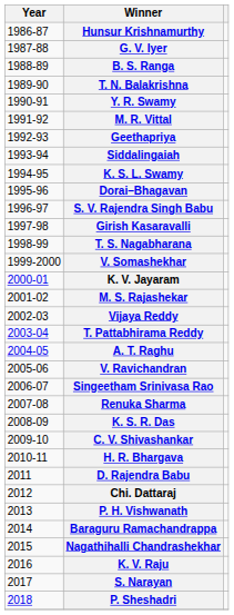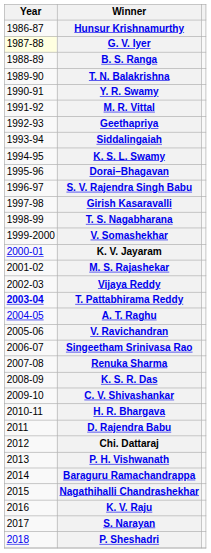 <table class="wikitable sortable">
 <tr>
 <th>Year</th>
 <th>Winner</th>
 <th></th>
 </tr>
 <tr>
 <td>1986-87</td>
 <th scope="row"><a href='#'>Hunsur Krishnamurthy</a></th>
 <td></td>
 </tr>
 <tr>
-<td>1987-88</td>
+<td style="background: lightyellow;">1987-88</td>
 <th scope="row"><a href='#'>G. V. Iyer</a></th>
 <td></td>
 </tr>
 <tr>
 <td>1988-89</td>
 <th scope="row"><a href='#'>B. S. Ranga</a></th>
 <td></td>
 </tr>
 <tr>
 <td>1989-90</td>
 <th scope="row"><a href='#'>T. N. Balakrishna</a></th>
 <td></td>
 </tr>
 <tr>
 <td>1990-91</td>
 <th scope="row"><a href='#'>Y. R. Swamy</a></th>
 <td></td>
 </tr>
 <tr>
 <td>1991-92</td>
 <th scope="row"><a href='#'>M. R. Vittal</a></th>
 <td></td>
 </tr>
 <tr>
 <td>1992-93</td>
 <th scope="row"><a href='#'>Geethapriya</a></th>
 <td></td>
 </tr>
 <tr>
 <td>1993-94</td>
 <th scope="row"><a href='#'>Siddalingaiah</a></th>
 <td></td>
 </tr>
 <tr>
 <td>1994-95</td>
 <th scope="row"><a href='#'>K. S. L. Swamy</a></th>
 <td></td>
 </tr>
 <tr>
 <td>1995-96</td>
 <th scope="row"><a href='#'>Dorai–Bhagavan</a></th>
 <td></td>
 </tr>
 <tr>
 <td>1996-97</td>
 <th scope="row"><a href='#'>S. V. Rajendra Singh Babu</a></th>
 <td></td>
 </tr>
 <tr>
 <td>1997-98</td>
 <th scope="row"><a href='#'>Girish Kasaravalli</a></th>
 <td></td>
 </tr>
 <tr>
 <td>1998-99</td>
 <th scope="row"><a href='#'>T. S. Nagabharana</a></th>
 <td></td>
 </tr>
 <tr>
 <td>1999-2000</td>
 <th scope="row"><a href='#'>V. Somashekhar</a></th>
 <td></td>
 </tr>
 <tr>
 <td><a href='#'>2000-01</a></td>
 <th scope="row">K. V. Jayaram</th>
 <td></td>
 </tr>
 <tr>
 <td>2001-02</td>
 <th scope="row"><a href='#'>M. S. Rajashekar</a></th>
 <td></td>
 </tr>
 <tr>
 <td>2002-03</td>
 <th scope="row"><a href='#'>Vijaya Reddy</a></th>
 <td></td>
 </tr>
 <tr>
-<td><a href='#'>2003-04</a></td>
+<td><strong><a href='#'>2003-04</a></strong></td>
 <th scope="row"><a href='#'>T. Pattabhirama Reddy</a></th>
 <td></td>
 </tr>
 <tr>
 <td><a href='#'>2004-05</a></td>
 <th scope="row"><a href='#'>A. T. Raghu</a></th>
 <td></td>
 </tr>
 <tr>
 <td>2005-06</td>
 <th scope="row"><a href='#'>V. Ravichandran</a></th>
 <td></td>
 </tr>
 <tr>
 <td>2006-07</td>
 <th scope="row"><a href='#'>Singeetham Srinivasa Rao</a></th>
 <td></td>
 </tr>
 <tr>
 <td>2007-08</td>
 <th scope="row"><a href='#'>Renuka Sharma</a></th>
 <td></td>
 </tr>
 <tr>
 <td>2008-09</td>
 <th scope="row"><a href='#'>K. S. R. Das</a></th>
 <td></td>
 </tr>
 <tr>
 <td>2009-10</td>
 <th scope="row"><a href='#'>C. V. Shivashankar</a></th>
 <td></td>
 </tr>
 <tr>
 <td>2010-11</td>
 <th scope="row"><a href='#'>H. R. Bhargava</a></th>
 <td></td>
 </tr>
 <tr>
 <td>2011</td>
 <th scope="row"><a href='#'>D. Rajendra Babu</a></th>
 <td></td>
 </tr>
 <tr>
 <td>2012</td>
 <th scope="row">Chi. Dattaraj</th>
 <td></td>
 </tr>
 <tr>
 <td>2013</td>
 <th scope="row"><a href='#'>P. H. Vishwanath</a></th>
 <td></td>
 </tr>
 <tr>
 <td>2014</td>
 <th scope="row"><a href='#'>Baraguru Ramachandrappa</a></th>
 <td></td>
 </tr>
 <tr>
 <td>2015</td>
 <th scope="row"><a href='#'>Nagathihalli Chandrashekhar</a></th>
 <td></td>
 </tr>
 <tr>
 <td>2016</td>
 <th scope="row"><a href='#'>K. V. Raju</a></th>
 <td></td>
 </tr>
 <tr>
 <td>2017</td>
 <th scope="row"><a href='#'>S. Narayan</a></th>
 <td></td>
 </tr>
 <tr>
 <td><a href='#'>2018</a></td>
 <th scope="row"><a href='#'>P. Sheshadri</a></th>
 <td></td>
 </tr>
 <tr>
 </tr>
 </table>
